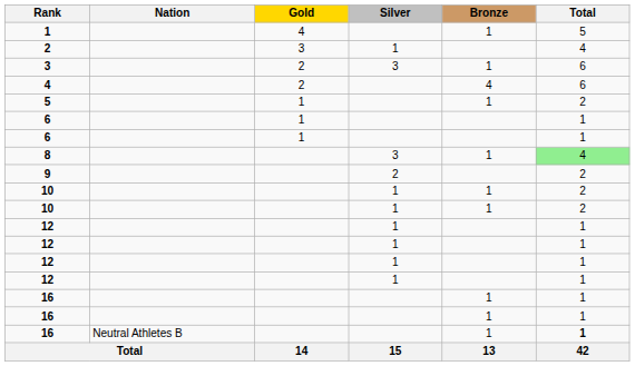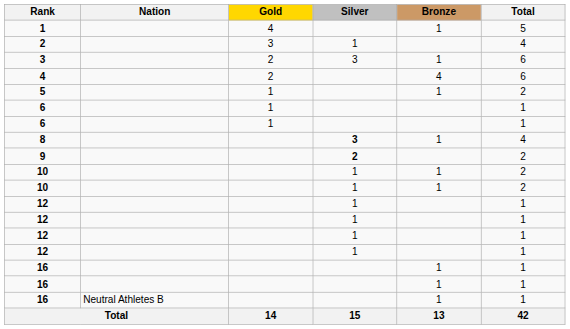 <table class="wikitable collapsible autocollapse plainrowheaders" width=70.5% style="text-align:center;">
 <tr style="background-color:#EDEDED;">
 <th width=100px class="hintergrundfarbe5">Rank</th>
 <th width=200px class="hintergrundfarbe6">Nation</th>
 <th style="background:    gold; width:15%">Gold</th>
 <th style="background:  silver; width:15%">Silver</th>
 <th style="background: #CC9966; width:15%">Bronze</th>
 <th class="hintergrundfarbe6" style="width:15%">Total</th>
 </tr>
 <tr>
 <td><strong>1</strong></td>
 <td align=left></td>
 <td>4</td>
 <td></td>
 <td>1</td>
 <td>5</td>
 </tr>
 <tr>
 <td><strong>2</strong></td>
 <td align=left></td>
 <td>3</td>
 <td>1</td>
 <td></td>
 <td>4</td>
 </tr>
 <tr>
 <td><strong>3</strong></td>
 <td align=left></td>
 <td>2</td>
 <td>3</td>
 <td>1</td>
 <td>6</td>
 </tr>
 <tr>
 <td><strong>4</strong></td>
 <td align=left></td>
 <td>2</td>
 <td></td>
 <td>4</td>
 <td>6</td>
 </tr>
 <tr>
 <td><strong>5</strong></td>
 <td align=left></td>
 <td>1</td>
 <td></td>
 <td>1</td>
 <td>2</td>
 </tr>
 <tr>
 <td><strong>6</strong></td>
 <td align=left></td>
 <td>1</td>
 <td></td>
 <td></td>
 <td>1</td>
 </tr>
 <tr>
 <td><strong>6</strong></td>
 <td align=left></td>
 <td>1</td>
 <td></td>
 <td></td>
 <td>1</td>
 </tr>
 <tr>
 <td><strong>8</strong></td>
 <td align=left></td>
 <td></td>
-<td>3</td>
+<td><strong>3</strong></td>
 <td>1</td>
-<td style="background: lightgreen;">4</td>
+<td>4</td>
 </tr>
 <tr>
 <td><strong>9</strong></td>
 <td align=left></td>
 <td></td>
-<td>2</td>
+<td><strong>2</strong></td>
 <td></td>
 <td>2</td>
 </tr>
 <tr>
 <td><strong>10</strong></td>
 <td align=left></td>
 <td></td>
 <td>1</td>
 <td>1</td>
 <td>2</td>
 </tr>
 <tr>
 <td><strong>10</strong></td>
 <td align=left></td>
 <td></td>
 <td>1</td>
 <td>1</td>
 <td>2</td>
 </tr>
 <tr>
 <td><strong>12</strong></td>
 <td align=left></td>
 <td></td>
 <td>1</td>
 <td></td>
 <td>1</td>
 </tr>
 <tr>
 <td><strong>12</strong></td>
 <td align=left></td>
 <td></td>
 <td>1</td>
 <td></td>
 <td>1</td>
 </tr>
 <tr>
 <td><strong>12</strong></td>
 <td align=left></td>
 <td></td>
 <td>1</td>
 <td></td>
 <td>1</td>
 </tr>
 <tr>
 <td><strong>12</strong></td>
 <td align=left></td>
 <td></td>
 <td>1</td>
 <td></td>
 <td>1</td>
 </tr>
 <tr>
 <td><strong>16</strong></td>
 <td align=left></td>
 <td></td>
 <td></td>
 <td>1</td>
 <td>1</td>
 </tr>
 <tr>
 <td><strong>16</strong></td>
 <td align=left></td>
 <td></td>
 <td></td>
 <td>1</td>
 <td>1</td>
 </tr>
 <tr>
 <td><strong>16</strong></td>
 <td align=left> Neutral Athletes B</td>
 <td></td>
 <td></td>
 <td>1</td>
-<td><strong>1</strong></td>
+<td>1</td>
 </tr>
 <tr>
 <th colspan=2>Total</th>
 <th>14</th>
 <th>15</th>
 <th>13</th>
 <th>42</th>
 </tr>
 </table>
